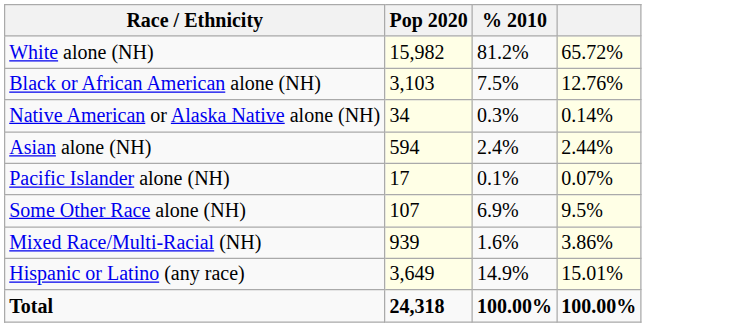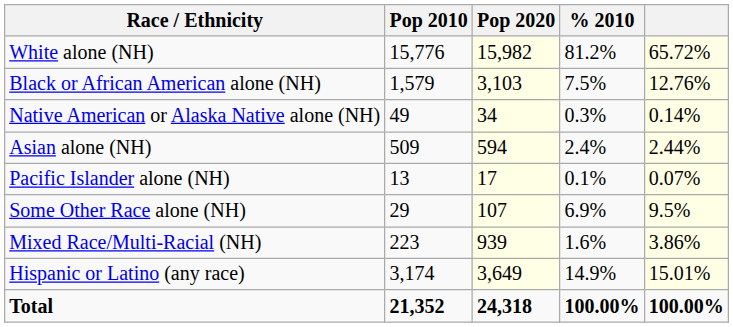 <table class="wikitable">
 <tr>
 <th>Race / Ethnicity</th>
+<th>Pop 2010</th>
 <th>Pop 2020</th>
 <th>% 2010</th>
 <th></th>
 </tr>
 <tr>
 <td><a href='#'>White</a> alone (NH)</td>
+<td>15,776</td>
 <td style='background: #ffffe6;'>15,982</td>
 <td>81.2%</td>
 <td style='background: #ffffe6;'>65.72%</td>
 </tr>
 <tr>
 <td><a href='#'>Black or African American</a> alone (NH)</td>
+<td>1,579</td>
 <td style='background: #ffffe6;'>3,103</td>
 <td>7.5%</td>
 <td style='background: #ffffe6;'>12.76%</td>
 </tr>
 <tr>
 <td><a href='#'>Native American</a> or <a href='#'>Alaska Native</a> alone (NH)</td>
+<td>49</td>
 <td style='background: #ffffe6;'>34</td>
 <td>0.3%</td>
 <td style='background: #ffffe6;'>0.14%</td>
 </tr>
 <tr>
 <td><a href='#'>Asian</a> alone (NH)</td>
+<td>509</td>
 <td style='background: #ffffe6;'>594</td>
 <td>2.4%</td>
 <td style='background: #ffffe6;'>2.44%</td>
 </tr>
 <tr>
 <td><a href='#'>Pacific Islander</a> alone (NH)</td>
+<td>13</td>
 <td style='background: #ffffe6;'>17</td>
 <td>0.1%</td>
 <td style='background: #ffffe6;'>0.07%</td>
 </tr>
 <tr>
 <td><a href='#'>Some Other Race</a> alone (NH)</td>
+<td>29</td>
 <td style='background: #ffffe6;'>107</td>
 <td>6.9%</td>
 <td style='background: #ffffe6;'>9.5%</td>
 </tr>
 <tr>
 <td><a href='#'>Mixed Race/Multi-Racial</a> (NH)</td>
+<td>223</td>
 <td style='background: #ffffe6;'>939</td>
 <td>1.6%</td>
 <td style='background: #ffffe6;'>3.86%</td>
 </tr>
 <tr>
 <td><a href='#'>Hispanic or Latino</a> (any race)</td>
+<td>3,174</td>
 <td style='background: #ffffe6;'>3,649</td>
 <td>14.9%</td>
 <td style='background: #ffffe6;'>15.01%</td>
 </tr>
 <tr>
 <td><strong>Total</strong></td>
+<td><strong>21,352</strong></td>
 <td><strong>24,318</strong></td>
 <td><strong>100.00%</strong></td>
 <td><strong>100.00%</strong></td>
 </tr>
 </table>
